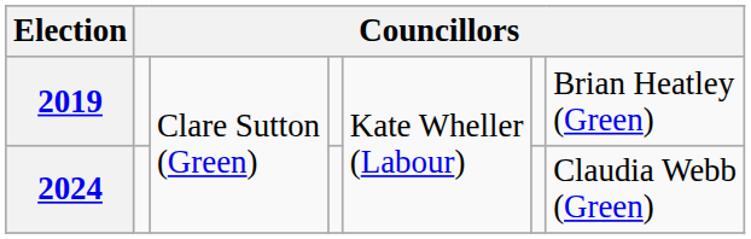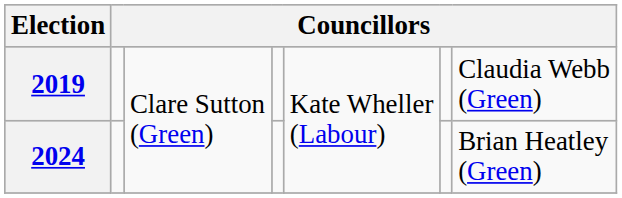 <table class="wikitable">
 <tr>
 <th>Election</th>
 <th colspan="6">Councillors</th>
 </tr>
 <tr>
 <th><a href='#'>2019</a></th>
 <td style="background-color: "></td>
 <td rowspan="2">Clare Sutton<br>(<a href='#'>Green</a>)</td>
 <td style="background-color: "></td>
 <td rowspan="2">Kate Wheller<br>(<a href='#'>Labour</a>)</td>
 <td rowspan="1;" style="background-color: "></td>
-<td rowspan="1">Brian Heatley<br>(<a href='#'>Green</a>)</td>
+<td rowspan="1">Claudia Webb<br>(<a href='#'>Green</a>)</td>
 </tr>
 <tr>
 <th><a href='#'>2024</a></th>
 <td style="background-color: "></td>
 <td style="background-color: "></td>
 <td rowspan="1;" style="background-color: "></td>
-<td rowspan="1">Claudia Webb<br>(<a href='#'>Green</a>)</td>
+<td rowspan="1">Brian Heatley<br>(<a href='#'>Green</a>)</td>
 </tr>
 </table>
